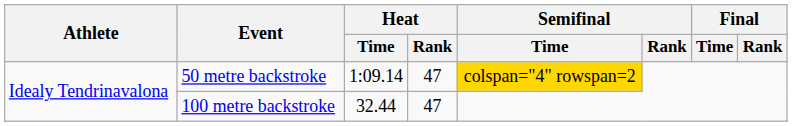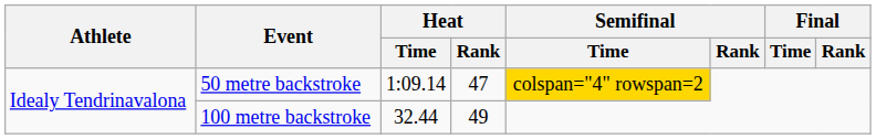 <table class="wikitable" style="text-align:center; font-size:90%; width:50%;">
 <tr>
 <th rowspan="2">Athlete</th>
 <th rowspan="2">Event</th>
 <th colspan="2">Heat</th>
 <th colspan="2">Semifinal</th>
 <th colspan="2">Final</th>
 </tr>
 <tr style="font-size:95%">
 <th>Time</th>
 <th>Rank</th>
 <th>Time</th>
 <th>Rank</th>
 <th>Time</th>
 <th>Rank</th>
 </tr>
 <tr>
 <td align=left rowspan=2><a href='#'>Idealy Tendrinavalona</a></td>
 <td align=left><a href='#'>50 metre backstroke</a></td>
 <td>1:09.14</td>
 <td>47</td>
 <td style="background: gold;">colspan="4" rowspan=2</td>
 </tr>
 <tr>
 <td align=left><a href='#'>100 metre backstroke</a></td>
 <td>32.44</td>
-<td>47</td>
+<td>49</td>
 </tr>
 </table>
